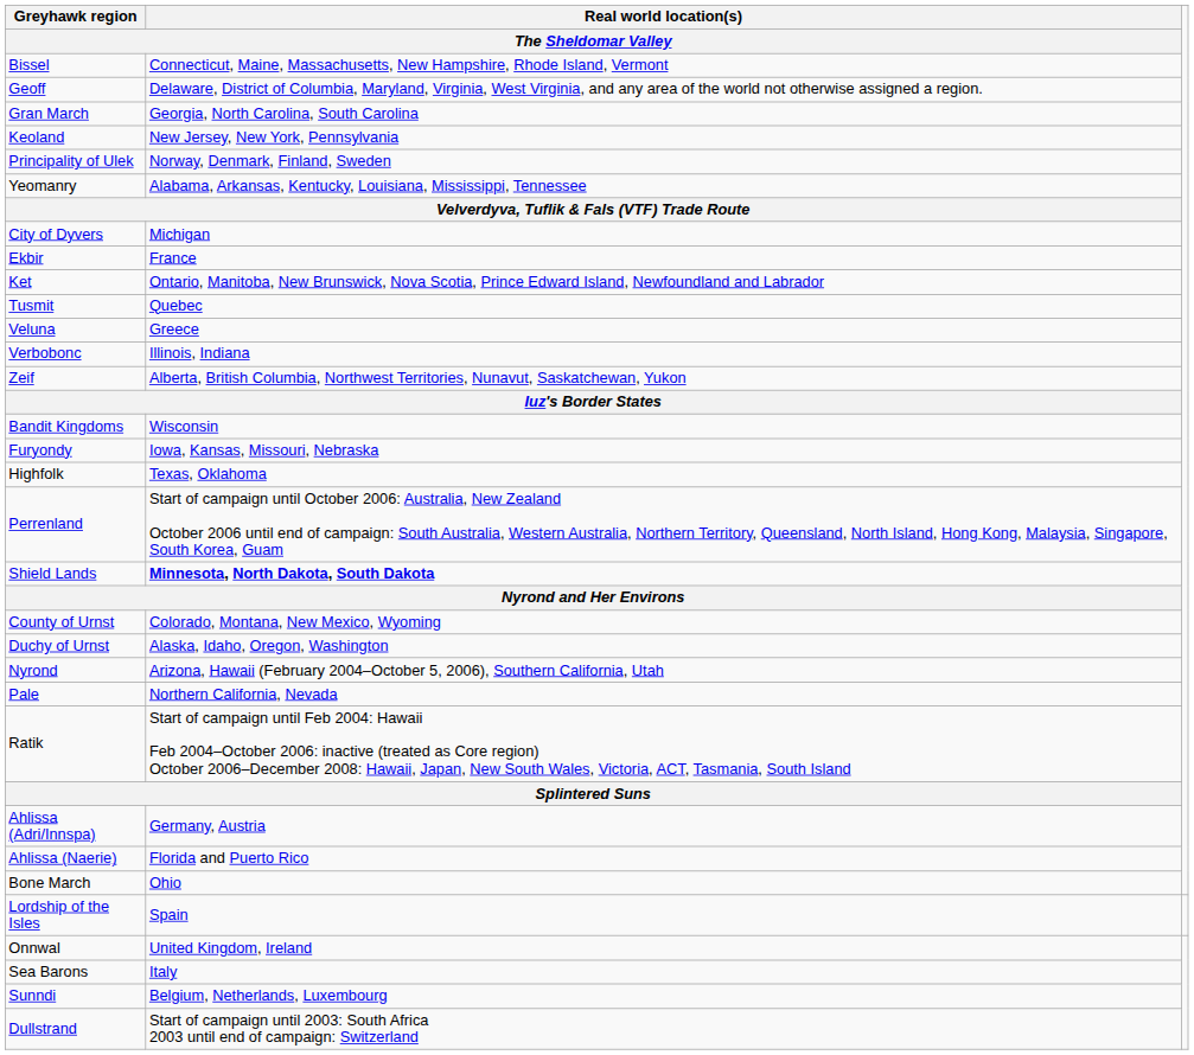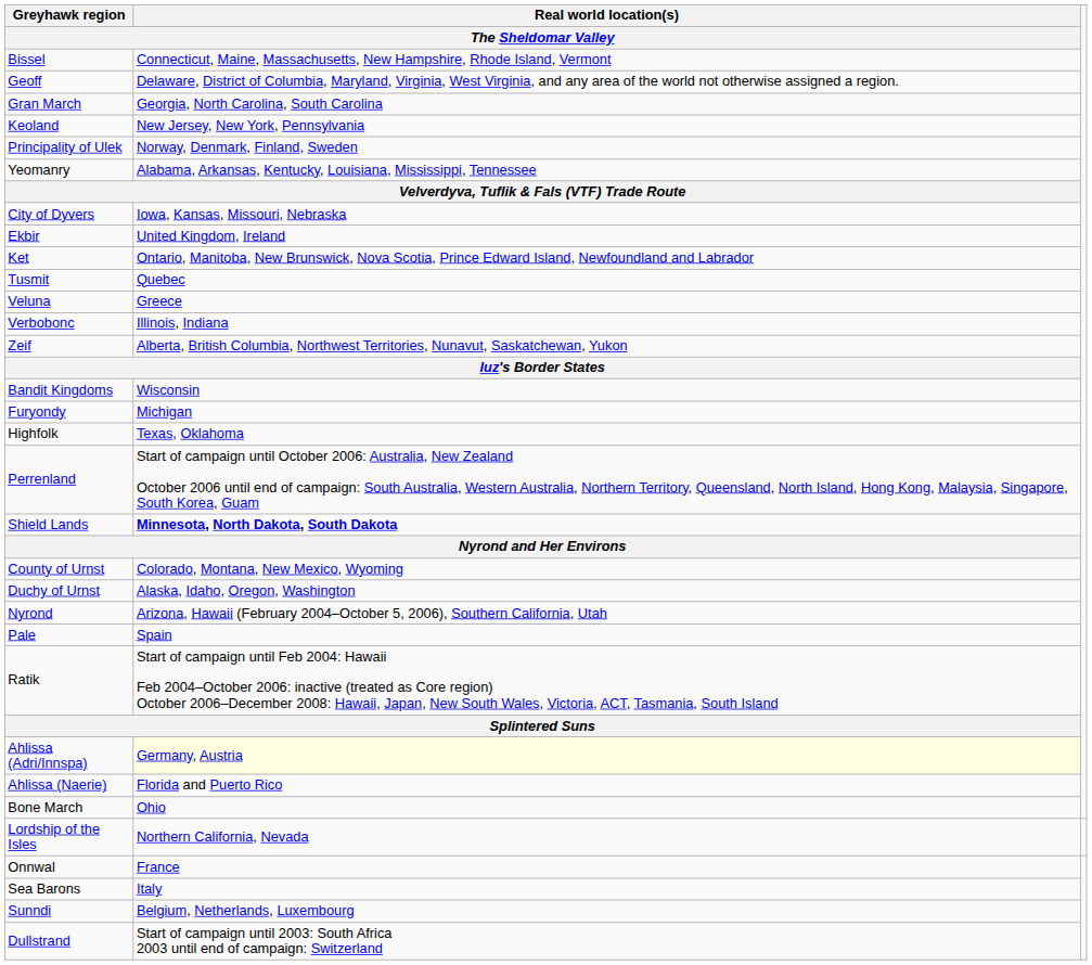 <table class="wikitable">
 <tr>
 <th>Greyhawk region</th>
 <th>Real world location(s)</th>
 </tr>
 <tr>
 <th colspan="2"><em>The <a href='#'>Sheldomar Valley</a></em></th>
 </tr>
 <tr>
 <td><a href='#'>Bissel</a></td>
 <td><a href='#'>Connecticut</a>, <a href='#'>Maine</a>, <a href='#'>Massachusetts</a>, <a href='#'>New Hampshire</a>, <a href='#'>Rhode Island</a>, <a href='#'>Vermont</a></td>
 </tr>
 <tr>
 <td><a href='#'>Geoff</a></td>
 <td><a href='#'>Delaware</a>, <a href='#'>District of Columbia</a>, <a href='#'>Maryland</a>, <a href='#'>Virginia</a>, <a href='#'>West Virginia</a>, and any area of the world not otherwise assigned a region.</td>
 </tr>
 <tr>
 <td><a href='#'>Gran March</a></td>
 <td><a href='#'>Georgia</a>, <a href='#'>North Carolina</a>, <a href='#'>South Carolina</a></td>
 </tr>
 <tr>
 <td><a href='#'>Keoland</a></td>
 <td><a href='#'>New Jersey</a>, <a href='#'>New York</a>, <a href='#'>Pennsylvania</a></td>
 </tr>
 <tr>
 <td><a href='#'>Principality of Ulek</a></td>
 <td><a href='#'>Norway</a>, <a href='#'>Denmark</a>, <a href='#'>Finland</a>, <a href='#'>Sweden</a></td>
 </tr>
 <tr>
 <td>Yeomanry</td>
 <td><a href='#'>Alabama</a>, <a href='#'>Arkansas</a>, <a href='#'>Kentucky</a>, <a href='#'>Louisiana</a>, <a href='#'>Mississippi</a>, <a href='#'>Tennessee</a></td>
 </tr>
 <tr>
 <th colspan="2"><em>Velverdyva, Tuflik & Fals (VTF) Trade Route</em></th>
 </tr>
 <tr>
 <td><a href='#'>City of Dyvers</a></td>
-<td><a href='#'>Michigan</a></td>
+<td><a href='#'>Iowa</a>, <a href='#'>Kansas</a>, <a href='#'>Missouri</a>, <a href='#'>Nebraska</a></td>
 </tr>
 <tr>
 <td><a href='#'>Ekbir</a></td>
-<td><a href='#'>France</a></td>
+<td><a href='#'>United Kingdom</a>, <a href='#'>Ireland</a></td>
 </tr>
 <tr>
 <td><a href='#'>Ket</a></td>
 <td><a href='#'>Ontario</a>, <a href='#'>Manitoba</a>, <a href='#'>New Brunswick</a>, <a href='#'>Nova Scotia</a>, <a href='#'>Prince Edward Island</a>, <a href='#'>Newfoundland and Labrador</a></td>
 </tr>
 <tr>
 <td><a href='#'>Tusmit</a></td>
 <td><a href='#'>Quebec</a></td>
 </tr>
 <tr>
 <td><a href='#'>Veluna</a></td>
 <td><a href='#'>Greece</a></td>
 </tr>
 <tr>
 <td><a href='#'>Verbobonc</a></td>
 <td><a href='#'>Illinois</a>, <a href='#'>Indiana</a></td>
 </tr>
 <tr>
 <td><a href='#'>Zeif</a></td>
 <td><a href='#'>Alberta</a>, <a href='#'>British Columbia</a>, <a href='#'>Northwest Territories</a>, <a href='#'>Nunavut</a>, <a href='#'>Saskatchewan</a>, <a href='#'>Yukon</a></td>
 </tr>
 <tr>
 <th colspan="2"><em><a href='#'>Iuz</a>'s Border States</em></th>
 </tr>
 <tr>
 <td><a href='#'>Bandit Kingdoms</a></td>
 <td><a href='#'>Wisconsin</a></td>
 </tr>
 <tr>
 <td><a href='#'>Furyondy</a></td>
-<td><a href='#'>Iowa</a>, <a href='#'>Kansas</a>, <a href='#'>Missouri</a>, <a href='#'>Nebraska</a></td>
+<td><a href='#'>Michigan</a></td>
 </tr>
 <tr>
 <td>Highfolk</td>
 <td><a href='#'>Texas</a>, <a href='#'>Oklahoma</a></td>
 </tr>
 <tr>
 <td><a href='#'>Perrenland</a></td>
 <td>Start of campaign until October 2006: <a href='#'>Australia</a>, <a href='#'>New Zealand</a><br><br>October 2006 until end of campaign: <a href='#'>South Australia</a>, <a href='#'>Western Australia</a>, <a href='#'>Northern Territory</a>, <a href='#'>Queensland</a>, <a href='#'>North Island</a>, <a href='#'>Hong Kong</a>, <a href='#'>Malaysia</a>, <a href='#'>Singapore</a>, <a href='#'>South Korea</a>, <a href='#'>Guam</a></td>
 </tr>
 <tr>
 <td><a href='#'>Shield Lands</a></td>
 <td><strong><a href='#'>Minnesota</a>, <a href='#'>North Dakota</a>, <a href='#'>South Dakota</a></strong></td>
 </tr>
 <tr>
 <th colspan="2"><em>Nyrond and Her Environs</em></th>
 </tr>
 <tr>
 <td><a href='#'>County of Urnst</a></td>
 <td><a href='#'>Colorado</a>, <a href='#'>Montana</a>, <a href='#'>New Mexico</a>, <a href='#'>Wyoming</a></td>
 </tr>
 <tr>
 <td><a href='#'>Duchy of Urnst</a></td>
 <td><a href='#'>Alaska</a>, <a href='#'>Idaho</a>, <a href='#'>Oregon</a>, <a href='#'>Washington</a></td>
 </tr>
 <tr>
 <td><a href='#'>Nyrond</a></td>
 <td><a href='#'>Arizona</a>, <a href='#'>Hawaii</a> (February 2004–October 5, 2006), <a href='#'>Southern California</a>, <a href='#'>Utah</a></td>
 </tr>
 <tr>
 <td><a href='#'>Pale</a></td>
-<td><a href='#'>Northern California</a>, <a href='#'>Nevada</a></td>
+<td><a href='#'>Spain</a></td>
 </tr>
 <tr>
 <td>Ratik</td>
 <td>Start of campaign until Feb 2004: Hawaii<br><br>Feb 2004–October 2006: inactive (treated as Core region)<br>  October 2006–December 2008: <a href='#'>Hawaii</a>, <a href='#'>Japan</a>, <a href='#'>New South Wales</a>, <a href='#'>Victoria</a>, <a href='#'>ACT</a>, <a href='#'>Tasmania</a>, <a href='#'>South Island</a></td>
 </tr>
 <tr>
 <th colspan="2"><em>Splintered Suns</em></th>
 </tr>
 <tr>
 <td><a href='#'> Ahlissa (Adri/Innspa)</a></td>
-<td><a href='#'>Germany</a>, <a href='#'>Austria</a></td>
+<td style="background: lightyellow;"><a href='#'>Germany</a>, <a href='#'>Austria</a></td>
 </tr>
 <tr>
 <td><a href='#'> Ahlissa (Naerie)</a></td>
 <td><a href='#'>Florida</a> and <a href='#'>Puerto Rico</a></td>
 </tr>
 <tr>
 <td>Bone March</td>
 <td><a href='#'>Ohio</a></td>
 </tr>
 <tr>
 <td><a href='#'>Lordship of the Isles</a></td>
-<td><a href='#'>Spain</a></td>
+<td><a href='#'>Northern California</a>, <a href='#'>Nevada</a></td>
 <td></td>
 </tr>
 <tr>
 <td>Onnwal</td>
-<td><a href='#'>United Kingdom</a>, <a href='#'>Ireland</a></td>
+<td><a href='#'>France</a></td>
 </tr>
 <tr>
 <td>Sea Barons</td>
 <td><a href='#'>Italy</a></td>
 </tr>
 <tr>
 <td><a href='#'>Sunndi</a></td>
 <td><a href='#'>Belgium</a>, <a href='#'>Netherlands</a>, <a href='#'>Luxembourg</a></td>
 </tr>
 <tr>
 <td><a href='#'>Dullstrand</a></td>
 <td>Start of campaign until 2003: South Africa<br>2003 until end of campaign: <a href='#'>Switzerland</a></td>
 </tr>
 </table>
